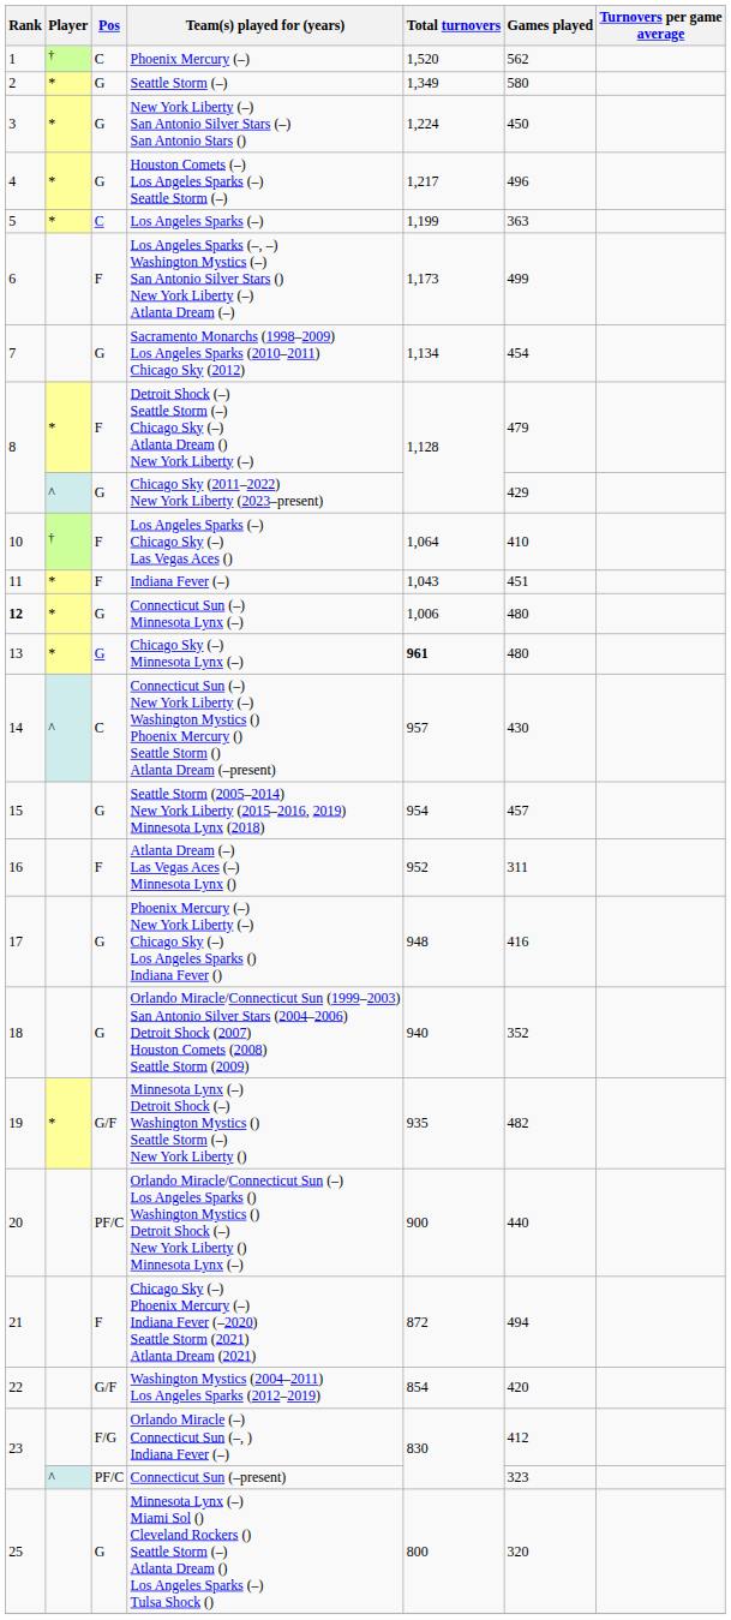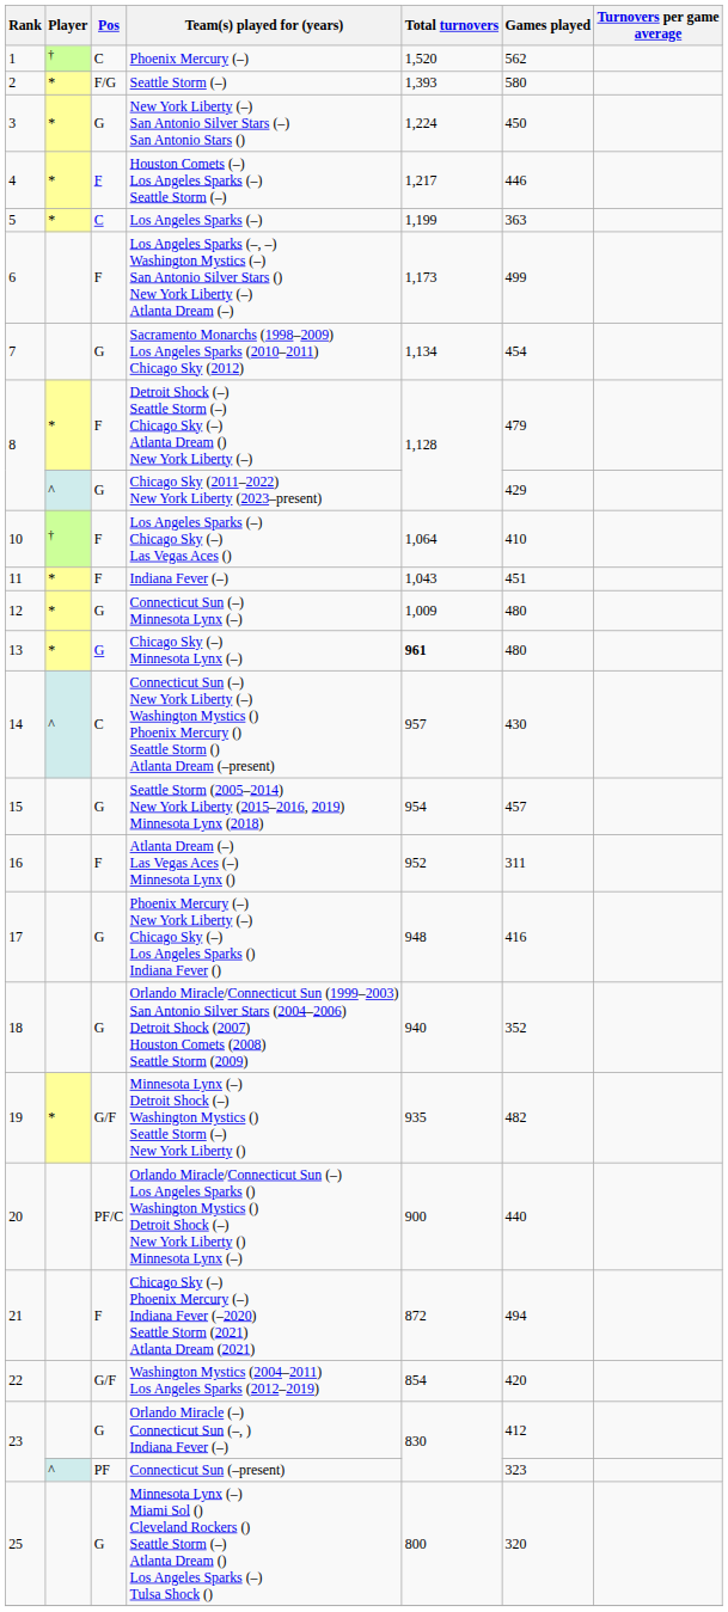 <table class="wikitable sortable" style="font-size: 95%;">
 <tr>
 <th>Rank</th>
 <th>Player</th>
 <th><a href='#'>Pos</a></th>
 <th class="unsortable">Team(s) played for (years)</th>
 <th>Total <a href='#'>turnovers</a></th>
 <th>Games played</th>
 <th data-sort-type=number><a href='#'>Turnovers</a> per game<br><a href='#'>average</a></th>
 </tr>
 <tr>
 <td>1</td>
 <td bgcolor="#ccff99"><sup>†</sup></td>
 <td>C</td>
 <td><a href='#'>Phoenix Mercury</a> (–)</td>
 <td>1,520</td>
 <td>562</td>
 <td></td>
 </tr>
 <tr>
 <td>2</td>
 <td bgcolor=FFFF99>*</td>
-<td>G</td>
+<td>F/G</td>
 <td><a href='#'>Seattle Storm</a> (–)</td>
-<td>1,349</td>
+<td>1,393</td>
 <td>580</td>
 <td></td>
 </tr>
 <tr>
 <td>3</td>
 <td bgcolor="ffff99">*</td>
 <td>G</td>
 <td><a href='#'>New York Liberty</a> (–)<br> <a href='#'>San Antonio Silver Stars</a> (–)<br> <a href='#'>San Antonio Stars</a> ()</td>
 <td>1,224</td>
 <td>450</td>
 <td></td>
 </tr>
 <tr>
 <td>4</td>
 <td bgcolor="ffff99">*</td>
-<td>G</td>
+<td><a href='#'>F</a></td>
 <td><a href='#'>Houston Comets</a> (–)<br><a href='#'>Los Angeles Sparks</a> (–)<br><a href='#'>Seattle Storm</a> (–)</td>
 <td>1,217</td>
-<td>496</td>
+<td>446</td>
 <td></td>
 </tr>
 <tr>
 <td>5</td>
 <td bgcolor="ffff99">*</td>
 <td><a href='#'>C</a></td>
 <td><a href='#'>Los Angeles Sparks</a> (–)</td>
 <td>1,199</td>
 <td>363</td>
 <td></td>
 </tr>
 <tr>
 <td>6</td>
 <td></td>
 <td>F</td>
 <td><a href='#'>Los Angeles Sparks</a> (–, –)<br><a href='#'>Washington Mystics</a> (–)<br><a href='#'>San Antonio Silver Stars</a> ()<br><a href='#'>New York Liberty</a> (–)<br><a href='#'>Atlanta Dream</a> (–)</td>
 <td>1,173</td>
 <td>499</td>
 <td></td>
 </tr>
 <tr>
 <td>7</td>
 <td></td>
 <td>G</td>
 <td><a href='#'>Sacramento Monarchs</a> (<a href='#'>1998</a>–<a href='#'>2009</a>)<br><a href='#'>Los Angeles Sparks</a> (<a href='#'>2010</a>–<a href='#'>2011</a>)<br><a href='#'>Chicago Sky</a> (<a href='#'>2012</a>)</td>
 <td>1,134</td>
 <td>454</td>
 <td></td>
 </tr>
 <tr>
 <td rowspan=2>8</td>
 <td bgcolor="ffff99">*</td>
 <td>F</td>
 <td><a href='#'>Detroit Shock</a> (–)<br><a href='#'>Seattle Storm</a> (–)<br><a href='#'>Chicago Sky</a> (–)<br><a href='#'>Atlanta Dream</a> ()<br><a href='#'>New York Liberty</a> (–)</td>
 <td rowspan=2>1,128</td>
 <td>479</td>
 <td></td>
 </tr>
 <tr>
 <td style="background:#CFECEC">^</td>
 <td>G</td>
 <td><a href='#'>Chicago Sky</a> (<a href='#'>2011</a>–<a href='#'>2022</a>)<br><a href='#'>New York Liberty</a> (<a href='#'>2023</a>–present)</td>
 <td>429</td>
 <td></td>
 </tr>
 <tr>
 <td>10</td>
 <td bgcolor="CCFF99"><sup>†</sup></td>
 <td>F</td>
 <td><a href='#'>Los Angeles Sparks</a> (–)<br> <a href='#'>Chicago Sky</a> (–)<br> <a href='#'>Las Vegas Aces</a> ()</td>
 <td>1,064</td>
 <td>410</td>
 <td></td>
 </tr>
 <tr>
 <td>11</td>
 <td bgcolor="ffff99">*</td>
 <td>F</td>
 <td><a href='#'>Indiana Fever</a> (–)</td>
 <td>1,043</td>
 <td>451</td>
 <td></td>
 </tr>
 <tr>
-<td><strong>12</strong></td>
+<td>12</td>
 <td bgcolor="ffff99">*</td>
 <td>G</td>
 <td><a href='#'>Connecticut Sun</a> (–)<br><a href='#'>Minnesota Lynx</a> (–)</td>
-<td>1,006</td>
+<td>1,009</td>
 <td>480</td>
 <td></td>
 </tr>
 <tr>
 <td>13</td>
 <td bgcolor=FFFF99>*</td>
 <td><a href='#'>G</a></td>
 <td><a href='#'>Chicago Sky</a> (–)<br><a href='#'>Minnesota Lynx</a> (–)</td>
 <td><strong>961</strong></td>
 <td>480</td>
 <td></td>
 </tr>
 <tr>
 <td>14</td>
 <td style="background:#CFECEC">^</td>
 <td>C</td>
 <td><a href='#'>Connecticut Sun</a> (–)<br><a href='#'>New York Liberty</a> (–)<br><a href='#'>Washington Mystics</a> ()<br><a href='#'>Phoenix Mercury</a> ()<br><a href='#'>Seattle Storm</a> ()<br><a href='#'>Atlanta Dream</a> (–present)</td>
 <td>957</td>
 <td>430</td>
 <td></td>
 </tr>
 <tr>
 <td>15</td>
 <td></td>
 <td>G</td>
 <td><a href='#'>Seattle Storm</a> (<a href='#'>2005</a>–<a href='#'>2014</a>)<br><a href='#'>New York Liberty</a> (<a href='#'>2015</a>–<a href='#'>2016</a>, <a href='#'>2019</a>)<br><a href='#'>Minnesota Lynx</a> (<a href='#'>2018</a>)</td>
 <td>954</td>
 <td>457</td>
 <td></td>
 </tr>
 <tr>
 <td>16</td>
 <td></td>
 <td>F</td>
 <td><a href='#'>Atlanta Dream</a> (–)<br> <a href='#'>Las Vegas Aces</a> (–)<br> <a href='#'>Minnesota Lynx</a> ()</td>
 <td>952</td>
 <td>311</td>
 <td></td>
 </tr>
 <tr>
 <td>17</td>
 <td></td>
 <td>G</td>
 <td><a href='#'>Phoenix Mercury</a> (–)<br><a href='#'>New York Liberty</a> (–)<br><a href='#'>Chicago Sky</a> (–)<br><a href='#'>Los Angeles Sparks</a> ()<br><a href='#'>Indiana Fever</a> ()</td>
 <td>948</td>
 <td>416</td>
 <td></td>
 </tr>
 <tr>
 <td>18</td>
 <td></td>
 <td>G</td>
 <td><a href='#'>Orlando Miracle</a>/<a href='#'>Connecticut Sun</a> (<a href='#'>1999</a>–<a href='#'>2003</a>)<br><a href='#'>San Antonio Silver Stars</a> (<a href='#'>2004</a>–<a href='#'>2006</a>)<br><a href='#'>Detroit Shock</a> (<a href='#'>2007</a>)<br><a href='#'>Houston Comets</a> (<a href='#'>2008</a>)<br><a href='#'>Seattle Storm</a> (<a href='#'>2009</a>)</td>
 <td>940</td>
 <td>352</td>
 <td></td>
 </tr>
 <tr>
 <td>19</td>
 <td bgcolor="ffff99">*</td>
 <td>G/F</td>
 <td><a href='#'>Minnesota Lynx</a> (–)<br><a href='#'>Detroit Shock</a> (–)<br><a href='#'>Washington Mystics</a> ()<br><a href='#'>Seattle Storm</a> (–)<br><a href='#'>New York Liberty</a> ()</td>
 <td>935</td>
 <td>482</td>
 <td></td>
 </tr>
 <tr>
 <td>20</td>
 <td></td>
 <td>PF/C</td>
 <td><a href='#'>Orlando Miracle</a>/<a href='#'>Connecticut Sun</a> (–)<br><a href='#'>Los Angeles Sparks</a> ()<br><a href='#'>Washington Mystics</a> ()<br><a href='#'>Detroit Shock</a> (–)<br><a href='#'>New York Liberty</a> ()<br><a href='#'>Minnesota Lynx</a> (–)</td>
 <td>900</td>
 <td>440</td>
 <td></td>
 </tr>
 <tr>
 <td>21</td>
 <td></td>
 <td>F</td>
 <td><a href='#'>Chicago Sky</a> (–)<br><a href='#'>Phoenix Mercury</a> (–)<br><a href='#'>Indiana Fever</a> (–<a href='#'>2020</a>)<br><a href='#'>Seattle Storm</a> (<a href='#'>2021</a>)<br><a href='#'>Atlanta Dream</a> (<a href='#'>2021</a>)</td>
 <td>872</td>
 <td>494</td>
 <td></td>
 </tr>
 <tr>
 <td>22</td>
 <td></td>
 <td>G/F</td>
 <td><a href='#'>Washington Mystics</a> (<a href='#'>2004</a>–<a href='#'>2011</a>)<br><a href='#'>Los Angeles Sparks</a> (<a href='#'>2012</a>–<a href='#'>2019</a>)</td>
 <td>854</td>
 <td>420</td>
 <td></td>
 </tr>
 <tr>
 <td rowspan=2>23</td>
 <td></td>
-<td>F/G</td>
+<td>G</td>
 <td><a href='#'>Orlando Miracle</a> (–)<br><a href='#'>Connecticut Sun</a> (–, )<br><a href='#'>Indiana Fever</a> (–)</td>
 <td rowspan=2>830</td>
 <td>412</td>
 <td></td>
 </tr>
 <tr>
 <td style="background:#CFECEC">^</td>
-<td>PF/C</td>
+<td>PF</td>
 <td><a href='#'>Connecticut Sun</a> (–present)</td>
 <td>323</td>
 <td></td>
 </tr>
 <tr>
 <td>25</td>
 <td></td>
 <td>G</td>
 <td><a href='#'>Minnesota Lynx</a> (–)<br><a href='#'>Miami Sol</a> ()<br><a href='#'>Cleveland Rockers</a> ()<br><a href='#'>Seattle Storm</a> (–)<br><a href='#'>Atlanta Dream</a> ()<br><a href='#'>Los Angeles Sparks</a> (–)<br><a href='#'>Tulsa Shock</a> ()</td>
 <td>800</td>
 <td>320</td>
 <td></td>
 </tr>
 <tr>
 </tr>
 </table>
